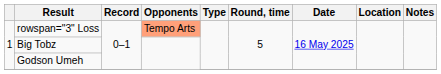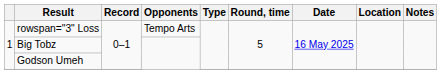 <table class="wikitable" style="text-align:center">
 <tr>
 <th></th>
 <th>Result</th>
 <th>Record</th>
 <th>Opponents</th>
 <th>Type</th>
 <th>Round, time</th>
 <th>Date</th>
 <th>Location</th>
 <th>Notes</th>
 </tr>
 <tr>
 <td rowspan="3">1</td>
 <td>rowspan="3" Loss</td>
 <td rowspan="3">0–1</td>
-<td style="background: lightsalmon; text-align:left;">Tempo Arts</td>
+<td style="text-align:left;">Tempo Arts</td>
 <td rowspan="3"></td>
 <td rowspan="3">5</td>
 <td rowspan="3"><a href='#'>16 May 2025</a></td>
 <td rowspan="3" style="text-align:left;"></td>
 <td rowspan="3" style="text-align:left;"></td>
 </tr>
 <tr>
 <td style="text-align:left;">Big Tobz</td>
 </tr>
 <tr>
 <td style="text-align:left;">Godson Umeh</td>
 </tr>
 <tr>
 </tr>
 </table>
